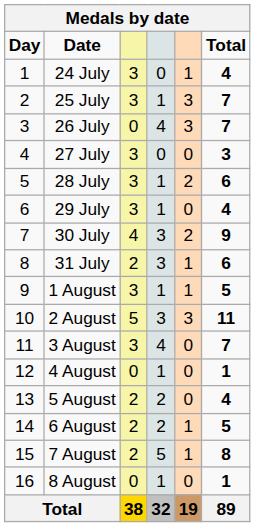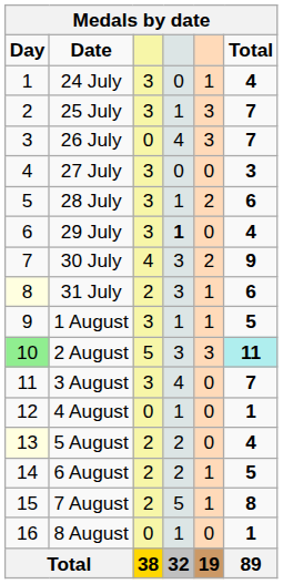 <table class="wikitable" style="font-size:85%">
 <tr bgcolor="#efefef">
 <th colspan=6>Medals by date</th>
 </tr>
 <tr align=center>
 <td><strong>Day</strong></td>
 <td><strong>Date</strong></td>
 <td bgcolor=#f7f6a8></td>
 <td bgcolor=#dce5e5></td>
 <td bgcolor=#ffdab9></td>
 <td><strong>Total</strong></td>
 </tr>
 <tr align=center>
 <td>1</td>
 <td>24 July</td>
 <td style="background:#F7F6A8;">3</td>
 <td style="background:#DCE5E5;">0</td>
 <td style="background:#FFDAB9;">1</td>
 <td><strong>4</strong></td>
 </tr>
 <tr align=center>
 <td>2</td>
 <td>25 July</td>
 <td style="background:#F7F6A8;">3</td>
 <td style="background:#DCE5E5;">1</td>
 <td style="background:#FFDAB9;">3</td>
 <td><strong>7</strong></td>
 </tr>
 <tr align=center>
 <td>3</td>
 <td>26 July</td>
 <td style="background:#F7F6A8;">0</td>
 <td style="background:#DCE5E5;">4</td>
 <td style="background:#FFDAB9;">3</td>
 <td><strong>7</strong></td>
 </tr>
 <tr align=center>
 <td>4</td>
 <td>27 July</td>
 <td style="background:#F7F6A8;">3</td>
 <td style="background:#DCE5E5;">0</td>
 <td style="background:#FFDAB9;">0</td>
 <td><strong>3</strong></td>
 </tr>
 <tr align=center>
 <td>5</td>
 <td>28 July</td>
 <td style="background:#F7F6A8;">3</td>
 <td style="background:#DCE5E5;">1</td>
 <td style="background:#FFDAB9;">2</td>
 <td><strong>6</strong></td>
 </tr>
 <tr align=center>
 <td>6</td>
 <td>29 July</td>
 <td style="background:#F7F6A8;">3</td>
-<td style="background:#DCE5E5;">1</td>
+<td style="background:#DCE5E5;"><strong>1</strong></td>
 <td style="background:#FFDAB9;">0</td>
 <td><strong>4</strong></td>
 </tr>
 <tr align=center>
 <td>7</td>
 <td>30 July</td>
 <td style="background:#F7F6A8;">4</td>
 <td style="background:#DCE5E5;">3</td>
 <td style="background:#FFDAB9;">2</td>
 <td><strong>9</strong></td>
 </tr>
 <tr align=center>
-<td>8</td>
+<td style="background: lightyellow;">8</td>
 <td>31 July</td>
 <td style="background:#F7F6A8;">2</td>
 <td style="background:#DCE5E5;">3</td>
 <td style="background:#FFDAB9;">1</td>
 <td><strong>6</strong></td>
 </tr>
 <tr align=center>
 <td>9</td>
 <td>1 August</td>
 <td style="background:#F7F6A8;">3</td>
 <td style="background:#DCE5E5;">1</td>
 <td style="background:#FFDAB9;">1</td>
 <td><strong>5</strong></td>
 </tr>
 <tr align=center>
-<td>10</td>
+<td style="background: lightgreen;">10</td>
 <td>2 August</td>
 <td style="background:#F7F6A8;">5</td>
 <td style="background:#DCE5E5;">3</td>
 <td style="background:#FFDAB9;">3</td>
-<td><strong>11</strong></td>
+<td style="background: paleturquoise;"><strong>11</strong></td>
 </tr>
 <tr align=center>
 <td>11</td>
 <td>3 August</td>
 <td style="background:#F7F6A8;">3</td>
 <td style="background:#DCE5E5;">4</td>
 <td style="background:#FFDAB9;">0</td>
 <td><strong>7</strong></td>
 </tr>
 <tr align=center>
 <td>12</td>
 <td>4 August</td>
 <td style="background:#F7F6A8;">0</td>
 <td style="background:#DCE5E5;">1</td>
 <td style="background:#FFDAB9;">0</td>
 <td><strong>1</strong></td>
 </tr>
 <tr align=center>
-<td>13</td>
+<td style="background: lightyellow;">13</td>
 <td>5 August</td>
 <td style="background:#F7F6A8;">2</td>
 <td style="background:#DCE5E5;">2</td>
 <td style="background:#FFDAB9;">0</td>
 <td><strong>4</strong></td>
 </tr>
 <tr align=center>
 <td>14</td>
 <td>6 August</td>
 <td style="background:#F7F6A8;">2</td>
 <td style="background:#DCE5E5;">2</td>
 <td style="background:#FFDAB9;">1</td>
 <td><strong>5</strong></td>
 </tr>
 <tr align=center>
 <td>15</td>
 <td>7 August</td>
 <td style="background:#F7F6A8;">2</td>
 <td style="background:#DCE5E5;">5</td>
 <td style="background:#FFDAB9;">1</td>
 <td><strong>8</strong></td>
 </tr>
 <tr align=center>
 <td>16</td>
 <td>8 August</td>
 <td style="background:#F7F6A8;">0</td>
 <td style="background:#DCE5E5;">1</td>
 <td style="background:#FFDAB9;">0</td>
 <td><strong>1</strong></td>
 </tr>
 <tr align=center>
 <th colspan=2>Total</th>
 <th style="background:gold;">38</th>
 <th style="background:silver;">32</th>
 <th style="background:#c96;">19</th>
 <th>89</th>
 </tr>
 </table>
